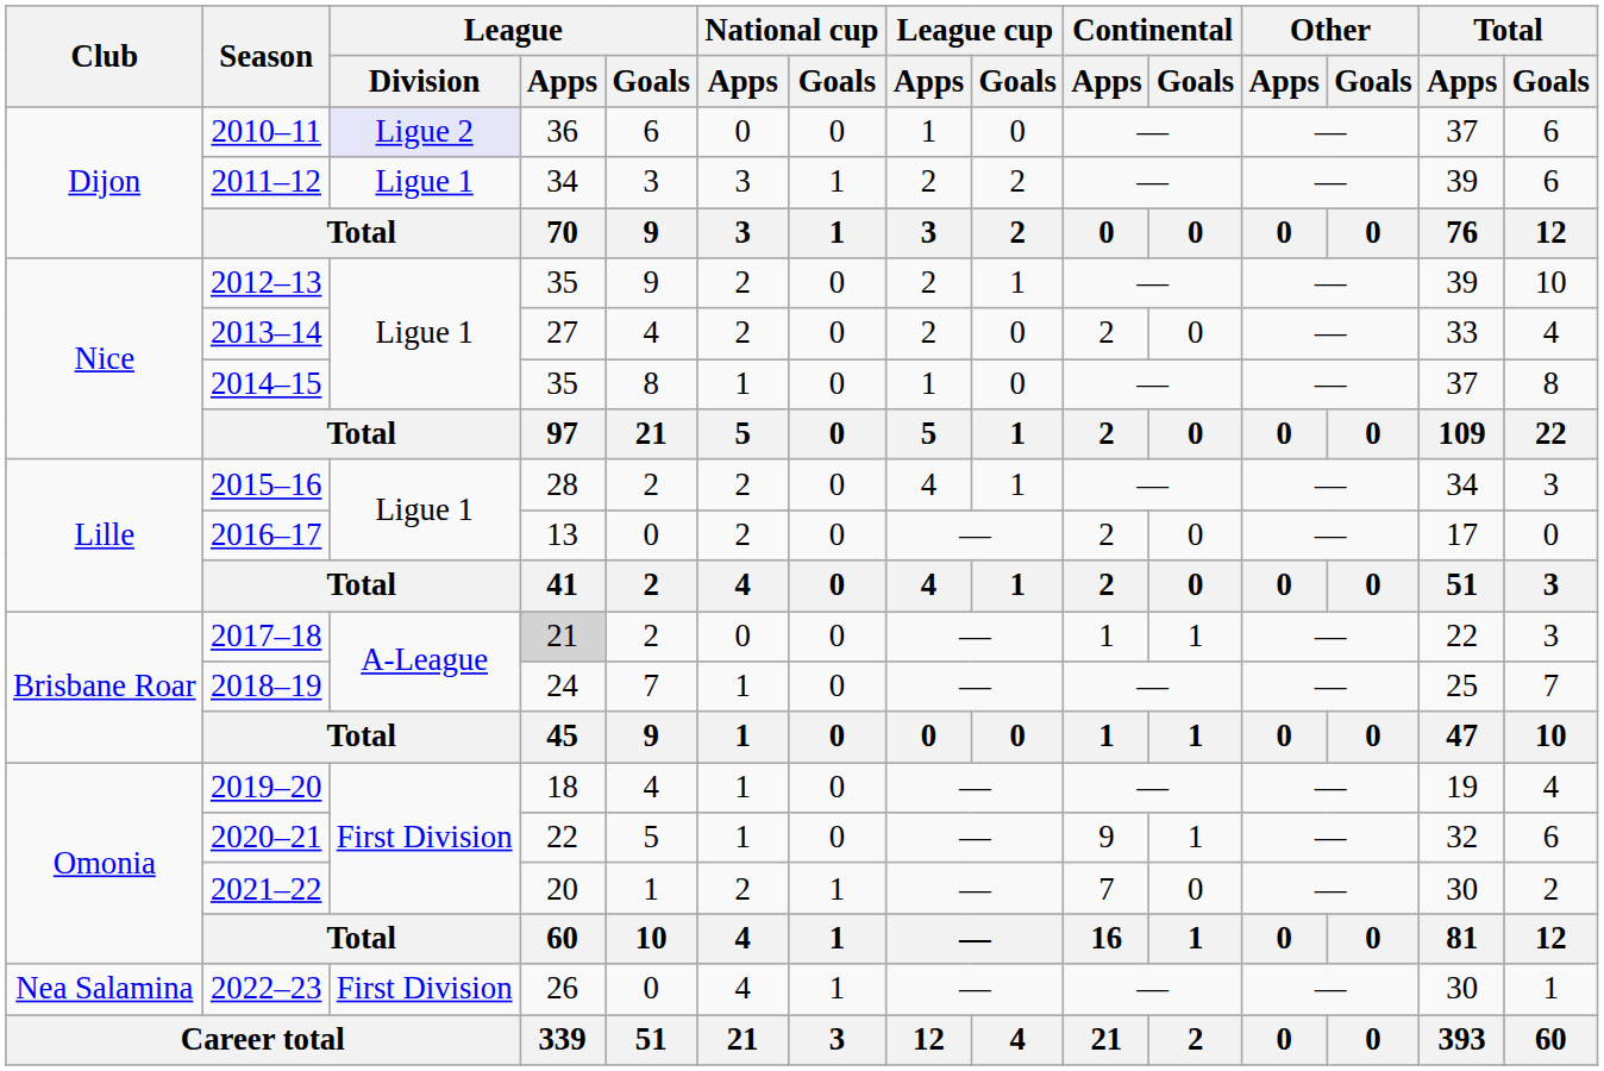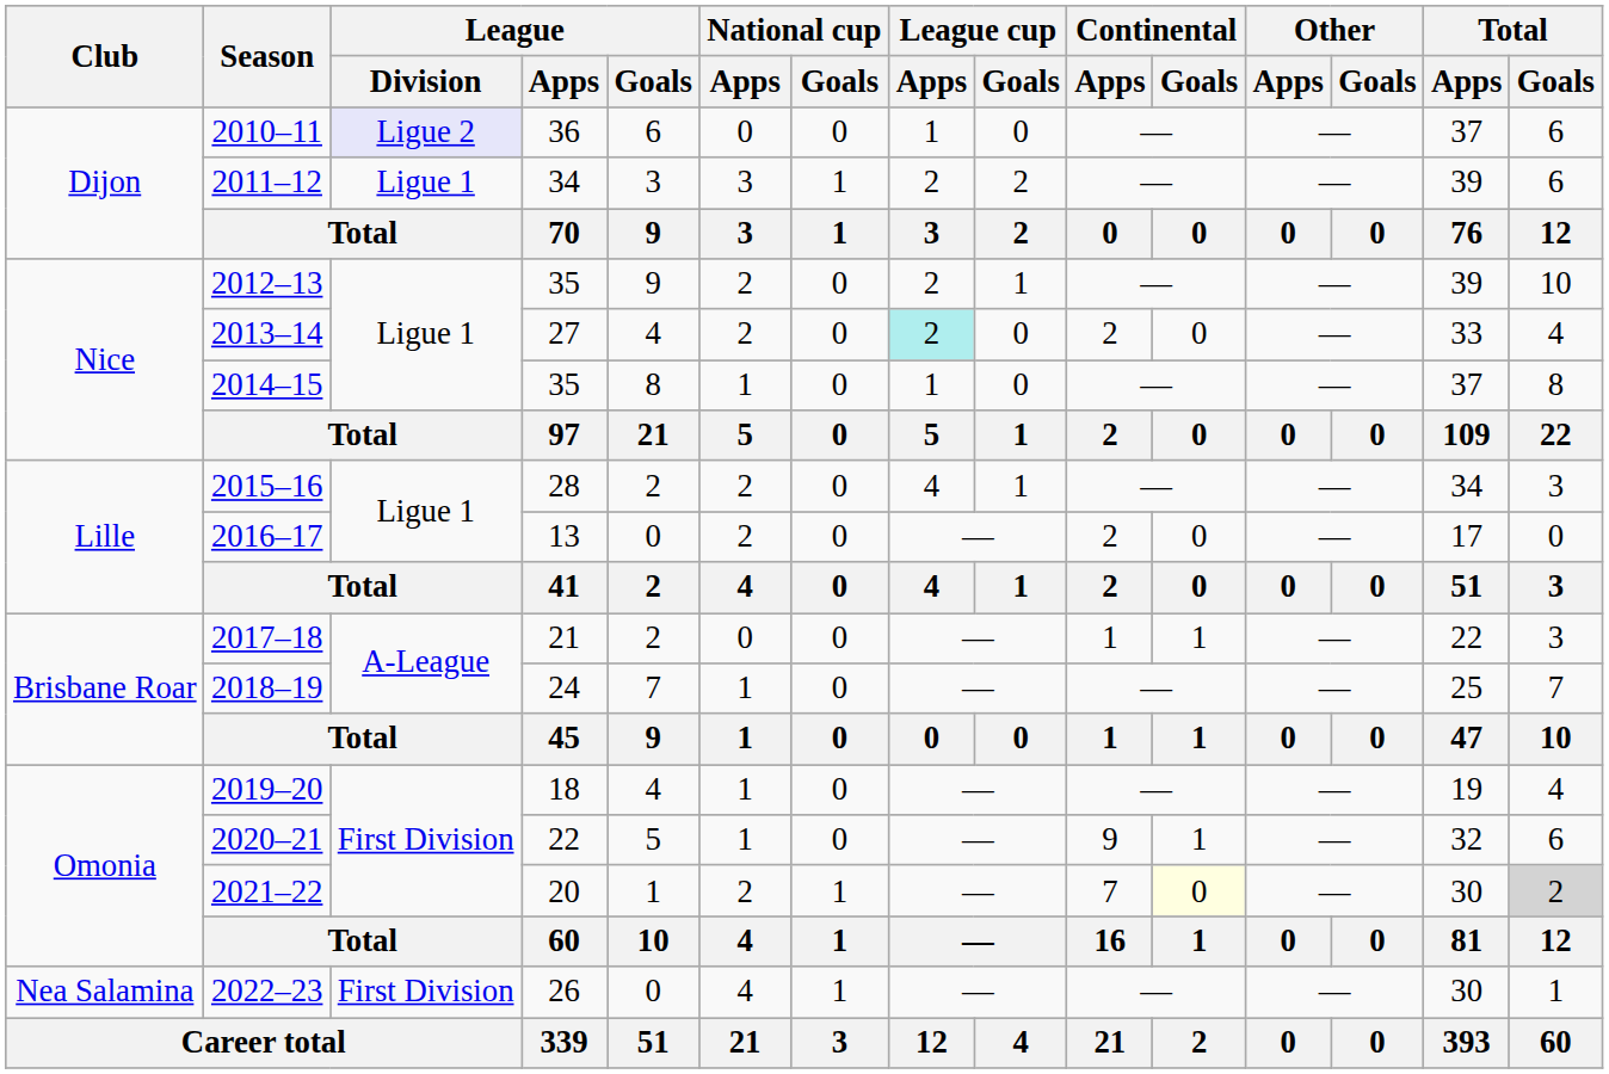 <table class="wikitable" style="text-align:center">
 <tr>
 <th rowspan="2">Club</th>
 <th rowspan="2">Season</th>
 <th colspan="3">League</th>
 <th colspan="2">National cup</th>
 <th colspan="2">League cup</th>
 <th colspan="2">Continental</th>
 <th colspan="2">Other</th>
 <th colspan="2">Total</th>
 </tr>
 <tr>
 <th>Division</th>
 <th>Apps</th>
 <th>Goals</th>
 <th>Apps</th>
 <th>Goals</th>
 <th>Apps</th>
 <th>Goals</th>
 <th>Apps</th>
 <th>Goals</th>
 <th>Apps</th>
 <th>Goals</th>
 <th>Apps</th>
 <th>Goals</th>
 </tr>
 <tr>
 <td rowspan="3"><a href='#'>Dijon</a></td>
 <td><a href='#'>2010–11</a></td>
 <td style="background: lavender;"><a href='#'>Ligue 2</a></td>
 <td>36</td>
 <td>6</td>
 <td>0</td>
 <td>0</td>
 <td>1</td>
 <td>0</td>
 <td colspan="2">—</td>
 <td colspan="2">—</td>
 <td>37</td>
 <td>6</td>
 </tr>
 <tr>
 <td><a href='#'>2011–12</a></td>
 <td><a href='#'>Ligue 1</a></td>
 <td>34</td>
 <td>3</td>
 <td>3</td>
 <td>1</td>
 <td>2</td>
 <td>2</td>
 <td colspan="2">—</td>
 <td colspan="2">—</td>
 <td>39</td>
 <td>6</td>
 </tr>
 <tr>
 <th colspan="2">Total</th>
 <th>70</th>
 <th>9</th>
 <th>3</th>
 <th>1</th>
 <th>3</th>
 <th>2</th>
 <th>0</th>
 <th>0</th>
 <th>0</th>
 <th>0</th>
 <th>76</th>
 <th>12</th>
 </tr>
 <tr>
 <td rowspan="4"><a href='#'>Nice</a></td>
 <td><a href='#'>2012–13</a></td>
 <td rowspan="3">Ligue 1</td>
 <td>35</td>
 <td>9</td>
 <td>2</td>
 <td>0</td>
 <td>2</td>
 <td>1</td>
 <td colspan="2">—</td>
 <td colspan="2">—</td>
 <td>39</td>
 <td>10</td>
 </tr>
 <tr>
 <td><a href='#'>2013–14</a></td>
 <td>27</td>
 <td>4</td>
 <td>2</td>
 <td>0</td>
-<td>2</td>
+<td style="background: paleturquoise;">2</td>
 <td>0</td>
 <td>2</td>
 <td>0</td>
 <td colspan="2">—</td>
 <td>33</td>
 <td>4</td>
 </tr>
 <tr>
 <td><a href='#'>2014–15</a></td>
 <td>35</td>
 <td>8</td>
 <td>1</td>
 <td>0</td>
 <td>1</td>
 <td>0</td>
 <td colspan="2">—</td>
 <td colspan="2">—</td>
 <td>37</td>
 <td>8</td>
 </tr>
 <tr>
 <th colspan="2">Total</th>
 <th>97</th>
 <th>21</th>
 <th>5</th>
 <th>0</th>
 <th>5</th>
 <th>1</th>
 <th>2</th>
 <th>0</th>
 <th>0</th>
 <th>0</th>
 <th>109</th>
 <th>22</th>
 </tr>
 <tr>
 <td rowspan="3"><a href='#'>Lille</a></td>
 <td><a href='#'>2015–16</a></td>
 <td rowspan="2">Ligue 1</td>
 <td>28</td>
 <td>2</td>
 <td>2</td>
 <td>0</td>
 <td>4</td>
 <td>1</td>
 <td colspan="2">—</td>
 <td colspan="2">—</td>
 <td>34</td>
 <td>3</td>
 </tr>
 <tr>
 <td><a href='#'>2016–17</a></td>
 <td>13</td>
 <td>0</td>
 <td>2</td>
 <td>0</td>
 <td colspan="2">—</td>
 <td>2</td>
 <td>0</td>
 <td colspan="2">—</td>
 <td>17</td>
 <td>0</td>
 </tr>
 <tr>
 <th colspan="2">Total</th>
 <th>41</th>
 <th>2</th>
 <th>4</th>
 <th>0</th>
 <th>4</th>
 <th>1</th>
 <th>2</th>
 <th>0</th>
 <th>0</th>
 <th>0</th>
 <th>51</th>
 <th>3</th>
 </tr>
 <tr>
 <td rowspan="3"><a href='#'>Brisbane Roar</a></td>
 <td><a href='#'>2017–18</a></td>
 <td rowspan="2"><a href='#'>A-League</a></td>
-<td style="background: lightgrey;">21</td>
+<td>21</td>
 <td>2</td>
 <td>0</td>
 <td>0</td>
 <td colspan="2">—</td>
 <td>1</td>
 <td>1</td>
 <td colspan="2">—</td>
 <td>22</td>
 <td>3</td>
 </tr>
 <tr>
 <td><a href='#'>2018–19</a></td>
 <td>24</td>
 <td>7</td>
 <td>1</td>
 <td>0</td>
 <td colspan="2">—</td>
 <td colspan="2">—</td>
 <td colspan="2">—</td>
 <td>25</td>
 <td>7</td>
 </tr>
 <tr>
 <th colspan="2">Total</th>
 <th>45</th>
 <th>9</th>
 <th>1</th>
 <th>0</th>
 <th>0</th>
 <th>0</th>
 <th>1</th>
 <th>1</th>
 <th>0</th>
 <th>0</th>
 <th>47</th>
 <th>10</th>
 </tr>
 <tr>
 <td rowspan="4"><a href='#'>Omonia</a></td>
 <td><a href='#'>2019–20</a></td>
 <td rowspan="3"><a href='#'>First Division</a></td>
 <td>18</td>
 <td>4</td>
 <td>1</td>
 <td>0</td>
 <td colspan="2">—</td>
 <td colspan="2">—</td>
 <td colspan="2">—</td>
 <td>19</td>
 <td>4</td>
 </tr>
 <tr>
 <td><a href='#'>2020–21</a></td>
 <td>22</td>
 <td>5</td>
 <td>1</td>
 <td>0</td>
 <td colspan="2">—</td>
 <td>9</td>
 <td>1</td>
 <td colspan="2">—</td>
 <td>32</td>
 <td>6</td>
 </tr>
 <tr>
 <td><a href='#'>2021–22</a></td>
 <td>20</td>
 <td>1</td>
 <td>2</td>
 <td>1</td>
 <td colspan="2">—</td>
 <td>7</td>
-<td>0</td>
+<td style="background: lightyellow;">0</td>
 <td colspan="2">—</td>
 <td>30</td>
-<td>2</td>
+<td style="background: lightgrey;">2</td>
 </tr>
 <tr>
 <th colspan="2">Total</th>
 <th>60</th>
 <th>10</th>
 <th>4</th>
 <th>1</th>
 <th colspan="2">—</th>
 <th>16</th>
 <th>1</th>
 <th>0</th>
 <th>0</th>
 <th>81</th>
 <th>12</th>
 </tr>
 <tr>
 <td><a href='#'>Nea Salamina</a></td>
 <td><a href='#'>2022–23</a></td>
 <td><a href='#'>First Division</a></td>
 <td>26</td>
 <td>0</td>
 <td>4</td>
 <td>1</td>
 <td colspan="2">—</td>
 <td colspan="2">—</td>
 <td colspan="2">—</td>
 <td>30</td>
 <td>1</td>
 </tr>
 <tr>
 <th colspan="3">Career total</th>
 <th>339</th>
 <th>51</th>
 <th>21</th>
 <th>3</th>
 <th>12</th>
 <th>4</th>
 <th>21</th>
 <th>2</th>
 <th>0</th>
 <th>0</th>
 <th>393</th>
 <th>60</th>
 </tr>
 </table>
